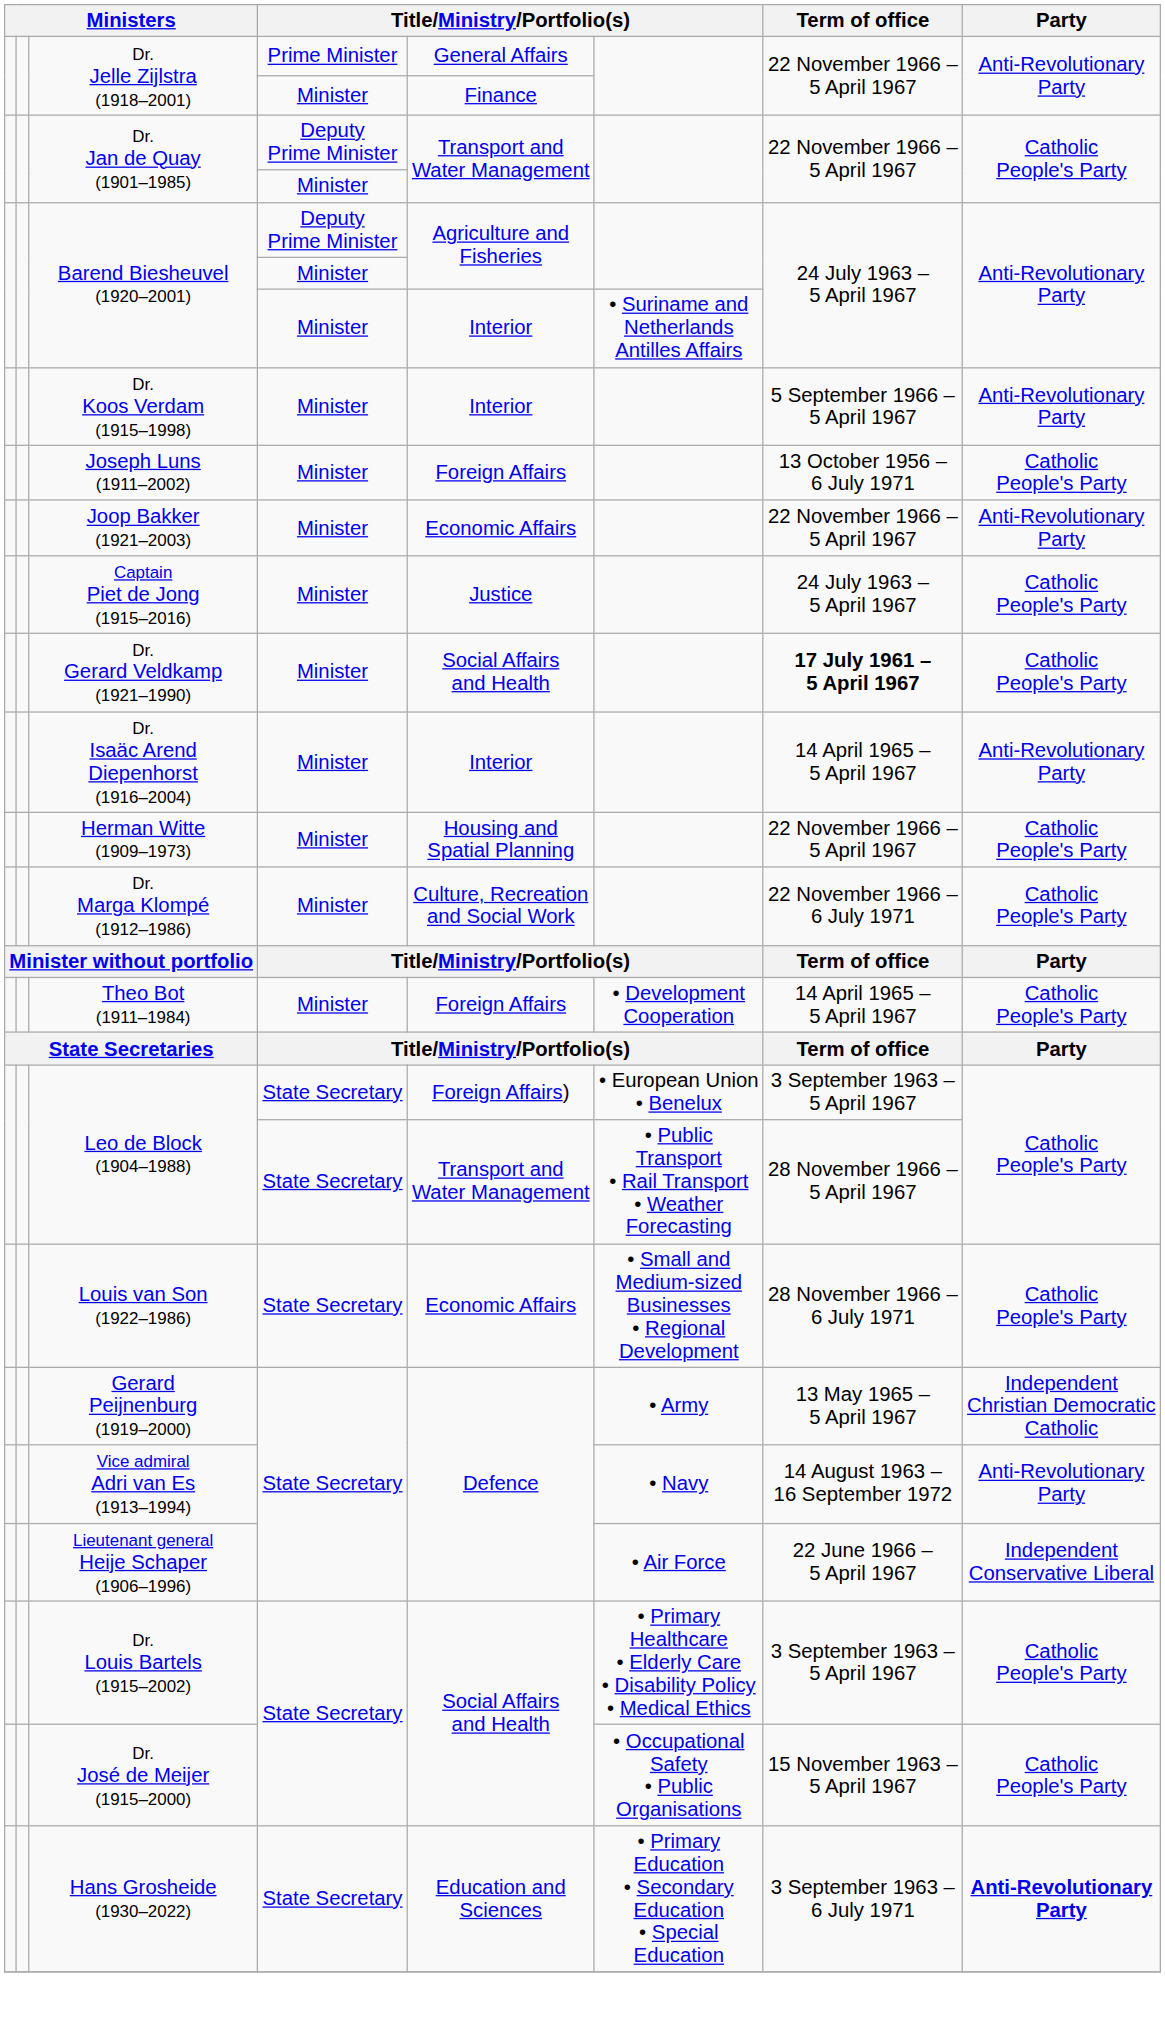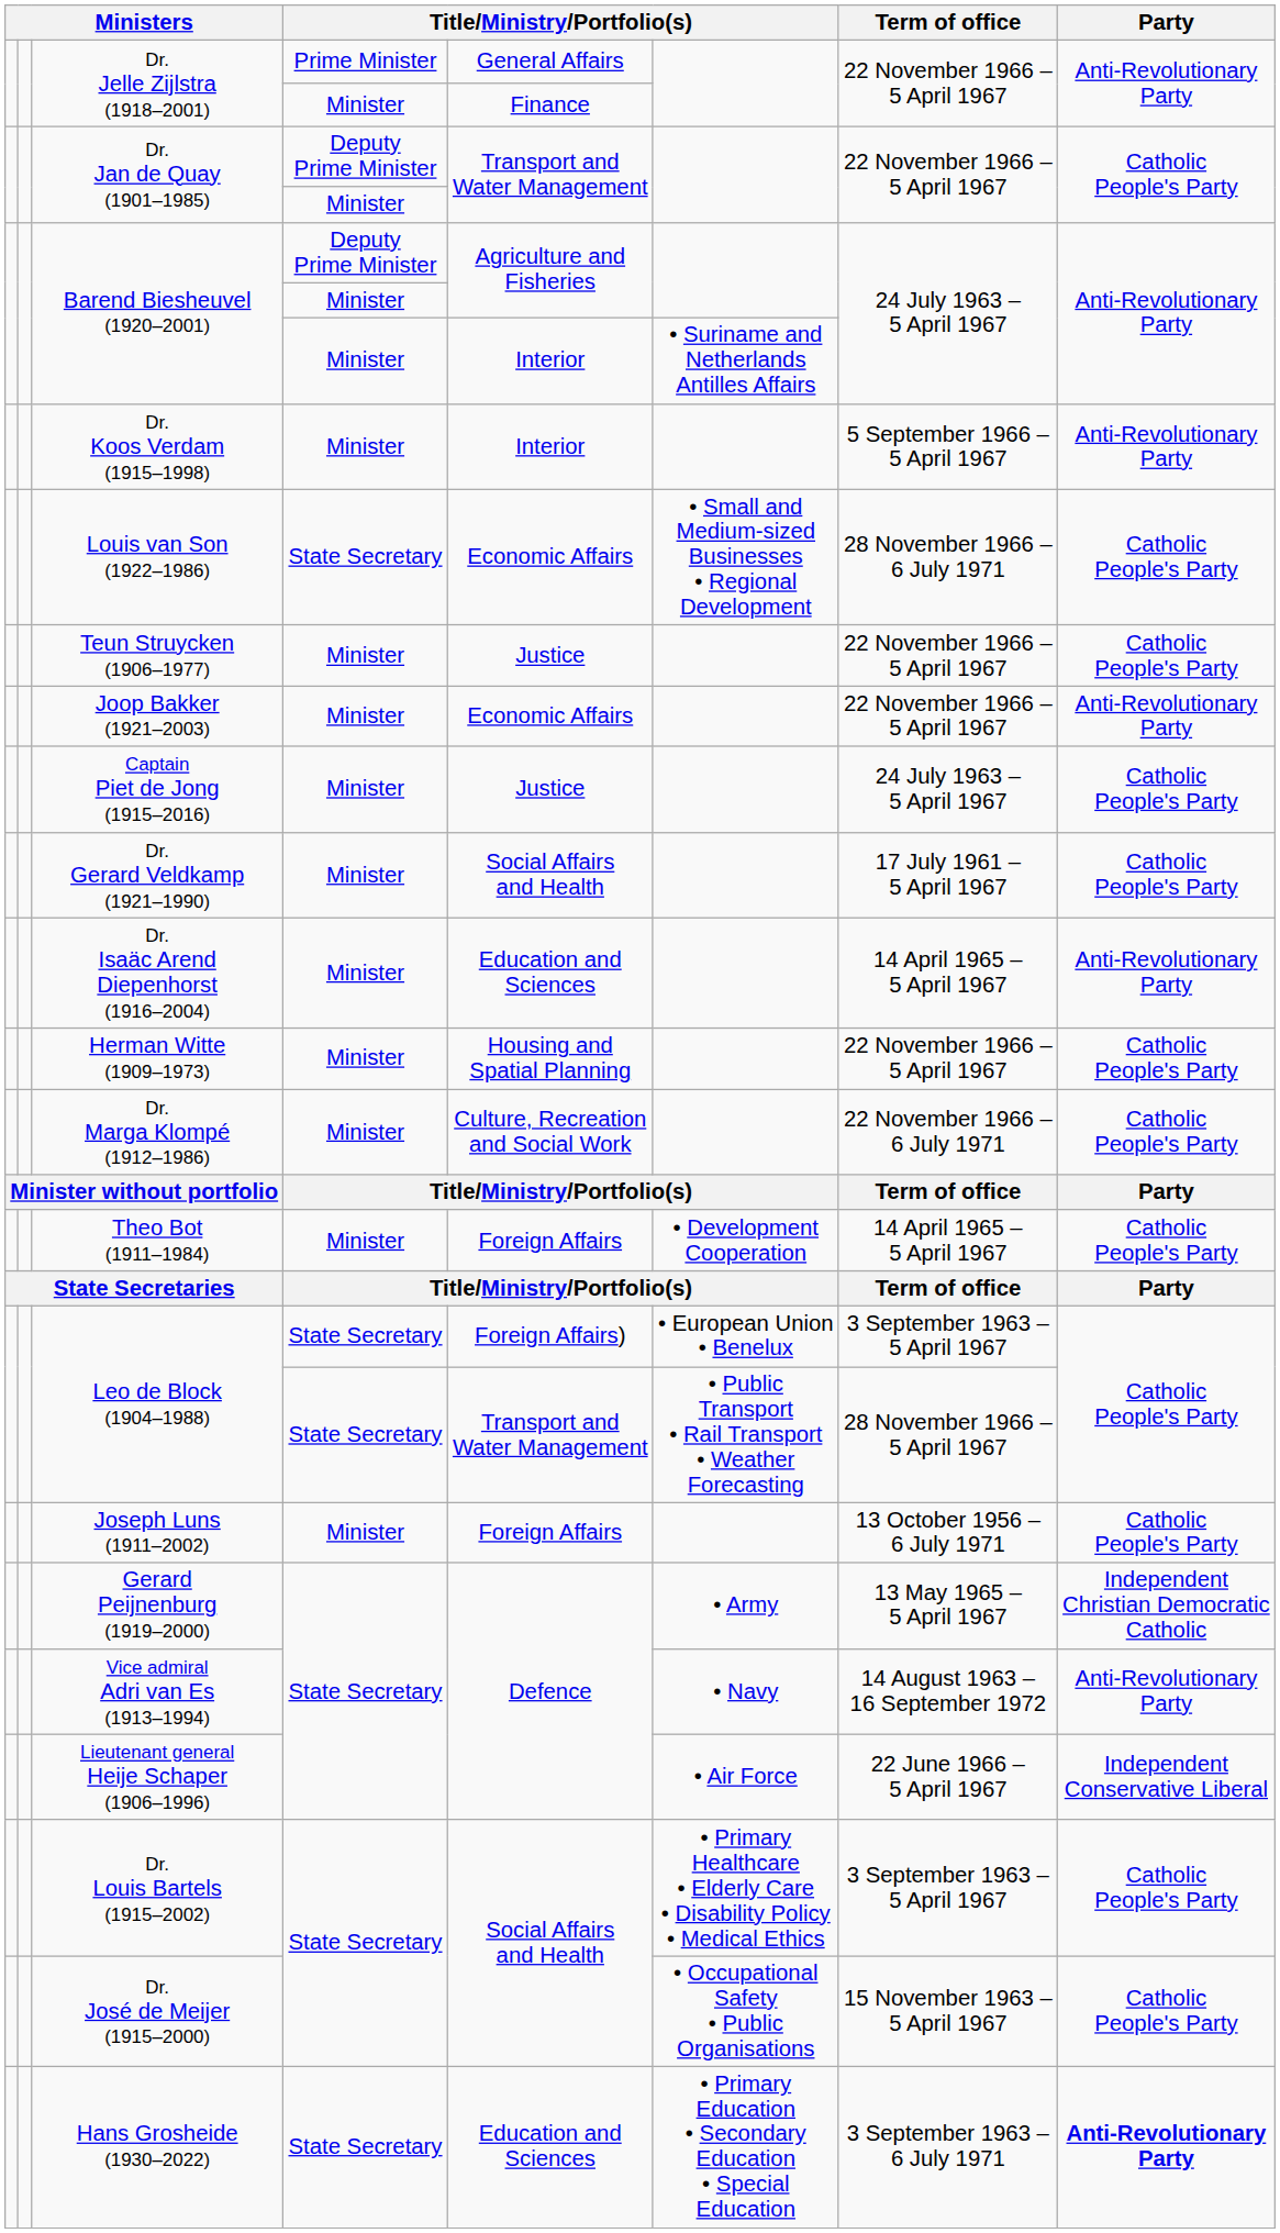 <table class="wikitable" style="text-align:center">
 <tr>
 <th colspan=3><a href='#'>Ministers</a></th>
 <th colspan=3>Title/<a href='#'>Ministry</a>/Portfolio(s)</th>
 <th>Term of office</th>
 <th>Party</th>
 </tr>
 <tr>
 <td rowspan=2 style="background:"></td>
 <td rowspan=2></td>
 <td rowspan=2><small>Dr.</small> <br> <a href='#'>Jelle Zijlstra</a> <br> <small>(1918–2001)</small></td>
 <td><a href='#'>Prime Minister</a></td>
 <td><a href='#'>General Affairs</a></td>
 <td rowspan=2></td>
 <td rowspan=2>22 November 1966 – <br> 5 April 1967</td>
 <td rowspan=2><a href='#'>Anti-Revolutionary <br> Party</a></td>
 </tr>
 <tr>
 <td><a href='#'>Minister</a></td>
 <td><a href='#'>Finance</a></td>
 </tr>
 <tr>
 <td rowspan=2 style="background:"></td>
 <td rowspan=2></td>
 <td rowspan=2><small>Dr.</small> <br> <a href='#'>Jan de Quay</a> <br> <small>(1901–1985)</small></td>
 <td><a href='#'>Deputy <br> Prime Minister</a></td>
 <td rowspan=2><a href='#'>Transport and <br> Water Management</a></td>
 <td rowspan=2></td>
 <td rowspan=2>22 November 1966 – <br> 5 April 1967</td>
 <td rowspan=2><a href='#'>Catholic <br> People's Party</a></td>
 </tr>
 <tr>
 <td><a href='#'>Minister</a></td>
 </tr>
 <tr>
 <td rowspan=3 style="background:"></td>
 <td rowspan=3></td>
 <td rowspan=3><a href='#'>Barend Biesheuvel</a> <br> <small>(1920–2001)</small></td>
 <td><a href='#'>Deputy <br> Prime Minister</a></td>
 <td rowspan=2><a href='#'>Agriculture and <br> Fisheries</a></td>
 <td rowspan=2></td>
 <td rowspan=3>24 July 1963 – <br> 5 April 1967 <br> </td>
 <td rowspan=3><a href='#'>Anti-Revolutionary <br> Party</a></td>
 </tr>
 <tr>
 <td><a href='#'>Minister</a></td>
 </tr>
 <tr>
 <td><a href='#'>Minister</a></td>
 <td><a href='#'>Interior</a></td>
 <td>• <a href='#'>Suriname and <br> Netherlands <br> Antilles Affairs</a></td>
 </tr>
 <tr>
 <td style="background:"></td>
 <td></td>
 <td><small>Dr.</small> <br> <a href='#'>Koos Verdam</a> <br> <small>(1915–1998)</small></td>
 <td><a href='#'>Minister</a></td>
 <td><a href='#'>Interior</a></td>
 <td></td>
 <td>5 September 1966 – <br> 5 April 1967 <br> </td>
 <td><a href='#'>Anti-Revolutionary <br> Party</a></td>
 </tr>
 <tr>
 <td style="background:"></td>
 <td></td>
-<td><a href='#'>Joseph Luns</a> <br> <small>(1911–2002)</small></td>
+<td><a href='#'>Louis van Son</a> <br> <small>(1922–1986)</small></td>
+<td><a href='#'>State Secretary</a></td>
+<td><a href='#'>Economic Affairs</a></td>
+<td>• <a href='#'>Small and <br> Medium-sized <br> Businesses</a> <br> • <a href='#'>Regional <br> Development</a></td>
+<td>28 November 1966 – <br> 6 July 1971 <br> </td>
+<td><a href='#'>Catholic <br> People's Party</a></td>
+</tr>
+<tr>
+<td style="background:"></td>
+<td></td>
+<td><a href='#'>Teun Struycken</a> <br> <small>(1906–1977)</small></td>
 <td><a href='#'>Minister</a></td>
-<td><a href='#'>Foreign Affairs</a></td>
+<td><a href='#'>Justice</a></td>
 <td></td>
-<td>13 October 1956 – <br> 6 July 1971 <br> </td>
+<td>22 November 1966 – <br> 5 April 1967</td>
 <td><a href='#'>Catholic <br> People's Party</a></td>
 </tr>
 <tr>
 <td style="background:"></td>
 <td></td>
 <td><a href='#'>Joop Bakker</a> <br> <small>(1921–2003)</small></td>
 <td><a href='#'>Minister</a></td>
 <td><a href='#'>Economic Affairs</a></td>
 <td></td>
 <td>22 November 1966 – <br> 5 April 1967</td>
 <td><a href='#'>Anti-Revolutionary <br> Party</a></td>
 </tr>
 <tr>
 <td style="background:"></td>
 <td></td>
 <td><small><a href='#'>Captain</a></small> <br> <a href='#'>Piet de Jong</a> <br> <small>(1915–2016)</small></td>
 <td><a href='#'>Minister</a></td>
 <td><a href='#'>Justice</a></td>
 <td></td>
 <td>24 July 1963 – <br> 5 April 1967 <br> </td>
 <td><a href='#'>Catholic <br> People's Party</a></td>
 </tr>
 <tr>
 <td style="background:"></td>
 <td></td>
 <td><small>Dr.</small> <br> <a href='#'>Gerard Veldkamp</a> <br> <small>(1921–1990)</small></td>
 <td><a href='#'>Minister</a></td>
 <td><a href='#'>Social Affairs</a> <br> <a href='#'>and Health</a></td>
 <td></td>
-<td><strong>17 July 1961 – <br> 5 April 1967 <br> </strong></td>
+<td>17 July 1961 – <br> 5 April 1967 <br> </td>
 <td><a href='#'>Catholic <br> People's Party</a></td>
 </tr>
 <tr>
 <td style="background:"></td>
 <td></td>
 <td><small>Dr.</small> <br> <a href='#'>Isaäc Arend <br> Diepenhorst</a> <br> <small>(1916–2004)</small></td>
 <td><a href='#'>Minister</a></td>
-<td><a href='#'>Interior</a></td>
+<td><a href='#'>Education and <br> Sciences</a></td>
 <td></td>
 <td>14 April 1965 – <br> 5 April 1967 <br> </td>
 <td><a href='#'>Anti-Revolutionary <br> Party</a></td>
 </tr>
 <tr>
 <td style="background:"></td>
 <td></td>
 <td><a href='#'>Herman Witte</a> <br> <small>(1909–1973)</small></td>
 <td><a href='#'>Minister</a></td>
 <td><a href='#'>Housing and <br> Spatial Planning</a></td>
 <td></td>
 <td>22 November 1966 – <br> 5 April 1967</td>
 <td><a href='#'>Catholic <br> People's Party</a></td>
 </tr>
 <tr>
 <td style="background:"></td>
 <td></td>
 <td><small>Dr.</small> <br> <a href='#'>Marga Klompé</a> <br> <small>(1912–1986)</small></td>
 <td><a href='#'>Minister</a></td>
 <td><a href='#'>Culture, Recreation <br> and Social Work</a></td>
 <td></td>
 <td>22 November 1966 – <br> 6 July 1971 <br> </td>
 <td><a href='#'>Catholic <br> People's Party</a></td>
 </tr>
 <tr>
 <th colspan=3><a href='#'>Minister without portfolio</a></th>
 <th colspan=3>Title/<a href='#'>Ministry</a>/Portfolio(s)</th>
 <th>Term of office</th>
 <th>Party</th>
 </tr>
 <tr>
 <td style="background:"></td>
 <td></td>
 <td><a href='#'>Theo Bot</a> <br> <small>(1911–1984)</small></td>
 <td><a href='#'>Minister</a></td>
 <td><a href='#'>Foreign Affairs</a></td>
 <td>• <a href='#'>Development <br> Cooperation</a></td>
 <td>14 April 1965 – <br> 5 April 1967 <br> </td>
 <td><a href='#'>Catholic <br> People's Party</a></td>
 </tr>
 <tr>
 <th colspan=3><a href='#'>State Secretaries</a></th>
 <th colspan=3>Title/<a href='#'>Ministry</a>/Portfolio(s)</th>
 <th>Term of office</th>
 <th>Party</th>
 </tr>
 <tr>
 <td rowspan=2 style="background:"></td>
 <td rowspan=2></td>
 <td rowspan=2><a href='#'>Leo de Block</a> <br> <small>(1904–1988)</small></td>
 <td><a href='#'>State Secretary</a></td>
 <td><a href='#'>Foreign Affairs</a>)</td>
 <td>• European Union <br> • <a href='#'>Benelux</a></td>
 <td>3 September 1963 – <br> 5 April 1967 <br> </td>
 <td rowspan=2><a href='#'>Catholic <br> People's Party</a></td>
 </tr>
 <tr>
 <td><a href='#'>State Secretary</a></td>
 <td><a href='#'>Transport and <br> Water Management</a></td>
 <td>• <a href='#'>Public <br> Transport</a> <br> • <a href='#'>Rail Transport</a> <br> • <a href='#'>Weather <br> Forecasting</a></td>
 <td>28 November 1966 – <br> 5 April 1967</td>
 </tr>
 <tr>
 <td style="background:"></td>
 <td></td>
-<td><a href='#'>Louis van Son</a> <br> <small>(1922–1986)</small></td>
-<td><a href='#'>State Secretary</a></td>
-<td><a href='#'>Economic Affairs</a></td>
-<td>• <a href='#'>Small and <br> Medium-sized <br> Businesses</a> <br> • <a href='#'>Regional <br> Development</a></td>
-<td>28 November 1966 – <br> 6 July 1971 <br> </td>
+<td><a href='#'>Joseph Luns</a> <br> <small>(1911–2002)</small></td>
+<td><a href='#'>Minister</a></td>
+<td><a href='#'>Foreign Affairs</a></td>
+<td></td>
+<td>13 October 1956 – <br> 6 July 1971 <br> </td>
 <td><a href='#'>Catholic <br> People's Party</a></td>
 </tr>
 <tr>
 <td style="background:"></td>
 <td></td>
 <td><a href='#'>Gerard <br> Peijnenburg</a> <br> <small>(1919–2000)</small></td>
 <td rowspan=3><a href='#'>State Secretary</a></td>
 <td rowspan=3><a href='#'>Defence</a></td>
 <td>• <a href='#'>Army</a></td>
 <td>13 May 1965 – <br> 5 April 1967 <br> </td>
 <td><a href='#'>Independent</a> <br> <a href='#'>Christian Democratic <br> Catholic</a></td>
 </tr>
 <tr>
 <td style="background:"></td>
 <td></td>
 <td><small><a href='#'>Vice admiral</a></small> <br> <a href='#'>Adri van Es</a> <br> <small>(1913–1994)</small></td>
 <td>• <a href='#'>Navy</a></td>
 <td>14 August 1963 – <br> 16 September 1972 <br>  </td>
 <td><a href='#'>Anti-Revolutionary <br> Party</a></td>
 </tr>
 <tr>
 <td style="background:"></td>
 <td></td>
 <td><small><a href='#'>Lieutenant general</a></small> <br> <a href='#'>Heije Schaper</a> <br> <small>(1906–1996)</small></td>
 <td>• <a href='#'>Air Force</a></td>
 <td>22 June 1966 – <br> 5 April 1967 <br> </td>
 <td><a href='#'>Independent</a> <br> <a href='#'>Conservative Liberal</a></td>
 </tr>
 <tr>
 <td style="background:"></td>
 <td></td>
 <td><small>Dr.</small> <br> <a href='#'>Louis Bartels</a> <br> <small>(1915–2002)</small></td>
 <td rowspan=2><a href='#'>State Secretary</a></td>
 <td rowspan=2><a href='#'>Social Affairs</a> <br> <a href='#'>and Health</a></td>
 <td>• <a href='#'>Primary <br> Healthcare</a> <br> • <a href='#'>Elderly Care</a> <br> • <a href='#'>Disability Policy</a> <br> • <a href='#'>Medical Ethics</a></td>
 <td>3 September 1963 – <br> 5 April 1967 <br> </td>
 <td><a href='#'>Catholic <br> People's Party</a></td>
 </tr>
 <tr>
 <td style="background:"></td>
 <td></td>
 <td><small>Dr.</small> <br> <a href='#'>José de Meijer</a> <br> <small>(1915–2000)</small></td>
 <td>• <a href='#'>Occupational <br> Safety</a> <br> • <a href='#'>Public <br> Organisations</a></td>
 <td>15 November 1963 – <br> 5 April 1967 <br> </td>
 <td><a href='#'>Catholic <br> People's Party</a></td>
 </tr>
 <tr>
 <td style="background:"></td>
 <td></td>
 <td><a href='#'>Hans Grosheide</a> <br> <small>(1930–2022)</small></td>
 <td><a href='#'>State Secretary</a></td>
 <td><a href='#'>Education and <br> Sciences</a></td>
 <td>• <a href='#'>Primary <br> Education</a> <br> • <a href='#'>Secondary <br> Education</a> <br> • <a href='#'>Special <br> Education</a></td>
 <td>3 September 1963 – <br> 6 July 1971 <br>  </td>
 <td><strong><a href='#'>Anti-Revolutionary <br> Party</a></strong></td>
 </tr>
 <tr>
 </tr>
 </table>
